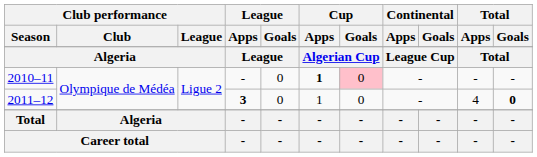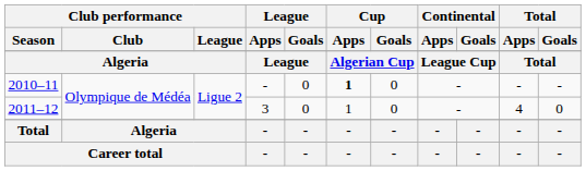 <table class="wikitable" style="text-align:center">
 <tr>
 <th colspan=3>Club performance</th>
 <th colspan=2>League</th>
 <th colspan=2>Cup</th>
 <th colspan=2>Continental</th>
 <th colspan=2>Total</th>
 </tr>
 <tr>
 <th>Season</th>
 <th>Club</th>
 <th>League</th>
 <th>Apps</th>
 <th>Goals</th>
 <th>Apps</th>
 <th>Goals</th>
 <th>Apps</th>
 <th>Goals</th>
 <th>Apps</th>
 <th>Goals</th>
 </tr>
 <tr>
 </tr>
 <tr>
 <th colspan=3>Algeria</th>
 <th colspan=2>League</th>
 <th colspan=2><a href='#'>Algerian Cup</a></th>
 <th colspan=2>League Cup</th>
 <th colspan=2>Total</th>
 </tr>
 <tr>
 <td><a href='#'>2010–11</a></td>
 <td rowspan="2"><a href='#'>Olympique de Médéa</a></td>
 <td rowspan="2"><a href='#'>Ligue 2</a></td>
 <td>-</td>
 <td>0</td>
 <td><strong>1</strong></td>
-<td style="background: pink;">0</td>
+<td>0</td>
 <td colspan="2">-</td>
 <td>-</td>
 <td>-</td>
 </tr>
 <tr>
 <td><a href='#'>2011–12</a></td>
-<td><strong>3</strong></td>
+<td>3</td>
 <td>0</td>
 <td>1</td>
 <td>0</td>
 <td colspan="2">-</td>
 <td>4</td>
-<td><strong>0</strong></td>
+<td>0</td>
 </tr>
 <tr>
 </tr>
 <tr>
 <th rowspan=1>Total</th>
 <th colspan=2>Algeria</th>
 <th>-</th>
 <th>-</th>
 <th>-</th>
 <th>-</th>
 <th>-</th>
 <th>-</th>
 <th>-</th>
 <th>-</th>
 </tr>
 <tr>
 <th colspan=3>Career total</th>
 <th>-</th>
 <th>-</th>
 <th>-</th>
 <th>-</th>
 <th>-</th>
 <th>-</th>
 <th>-</th>
 <th>-</th>
 </tr>
 </table>
